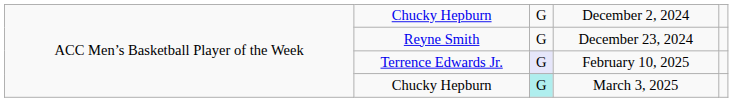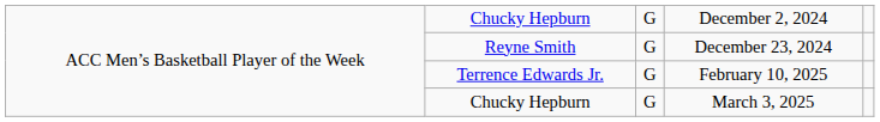 <table class="wikitable" style="width: 90%;text-align: center;">
 <tr align="center">
 <td rowspan="4">ACC Men’s Basketball Player of the Week</td>
 <td><a href='#'>Chucky Hepburn</a></td>
 <td>G</td>
 <td>December 2, 2024</td>
 <td></td>
 </tr>
 <tr align="center">
 <td><a href='#'>Reyne Smith</a></td>
 <td>G</td>
 <td>December 23, 2024</td>
 <td></td>
 </tr>
 <tr align="center">
 <td><a href='#'>Terrence Edwards Jr.</a></td>
-<td style="background: lavender;">G</td>
+<td>G</td>
 <td>February 10, 2025</td>
 <td></td>
 </tr>
 <tr align="center">
 <td>Chucky Hepburn</td>
-<td style="background: paleturquoise;">G</td>
+<td>G</td>
 <td>March 3, 2025</td>
 <td></td>
 </tr>
 </table>
